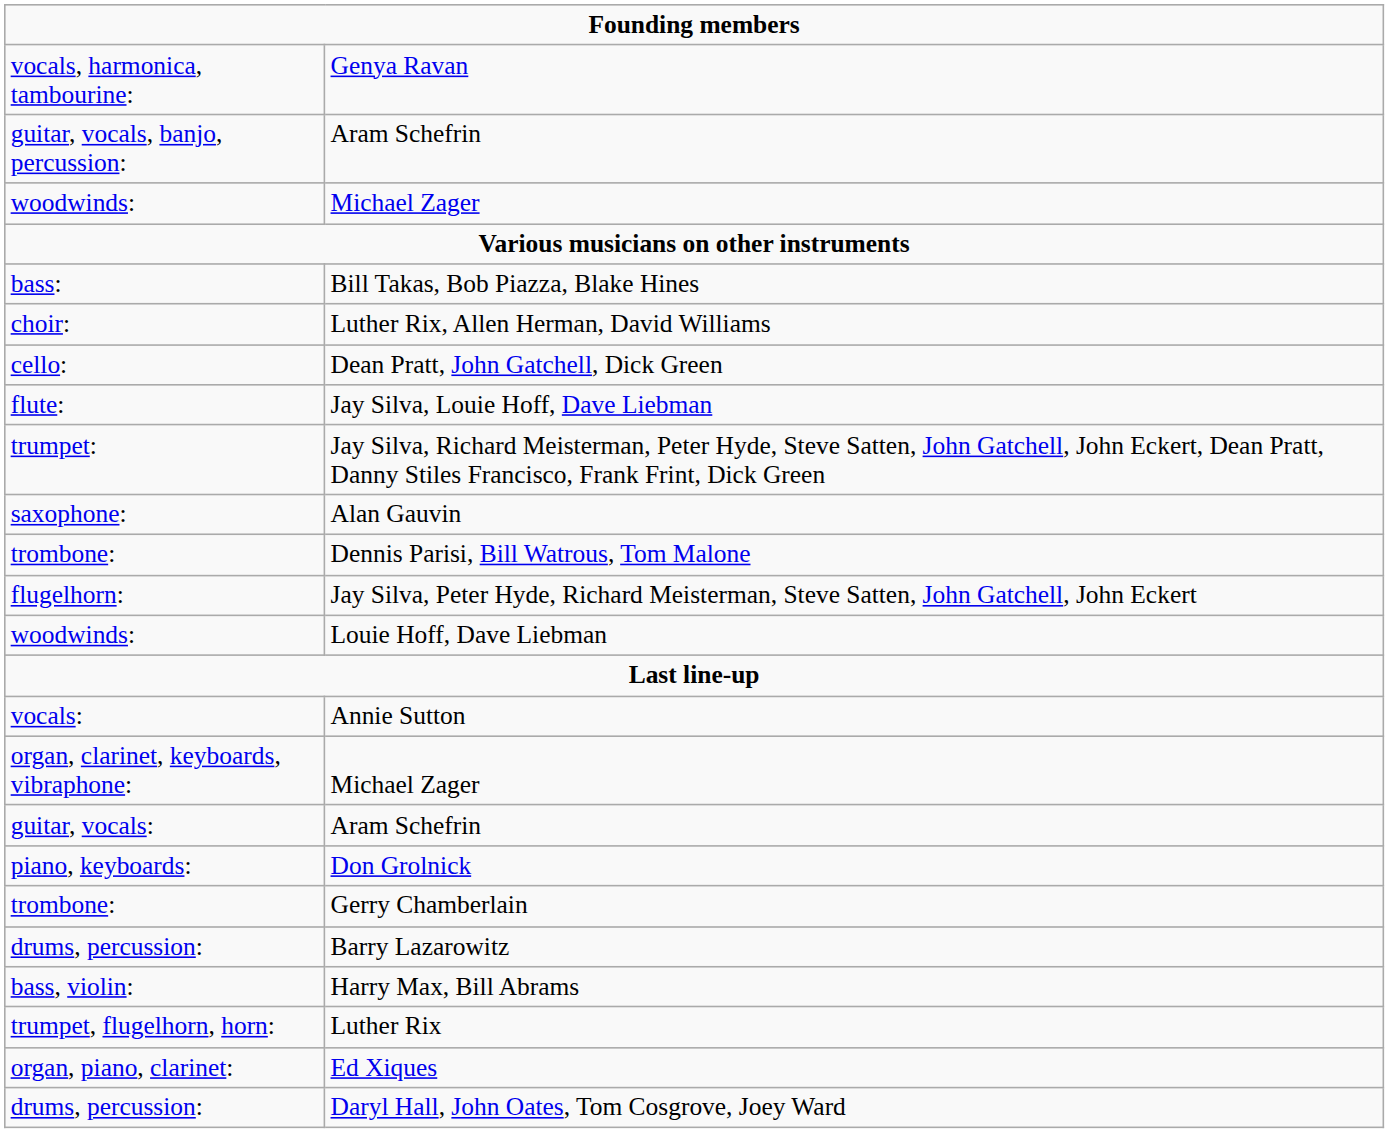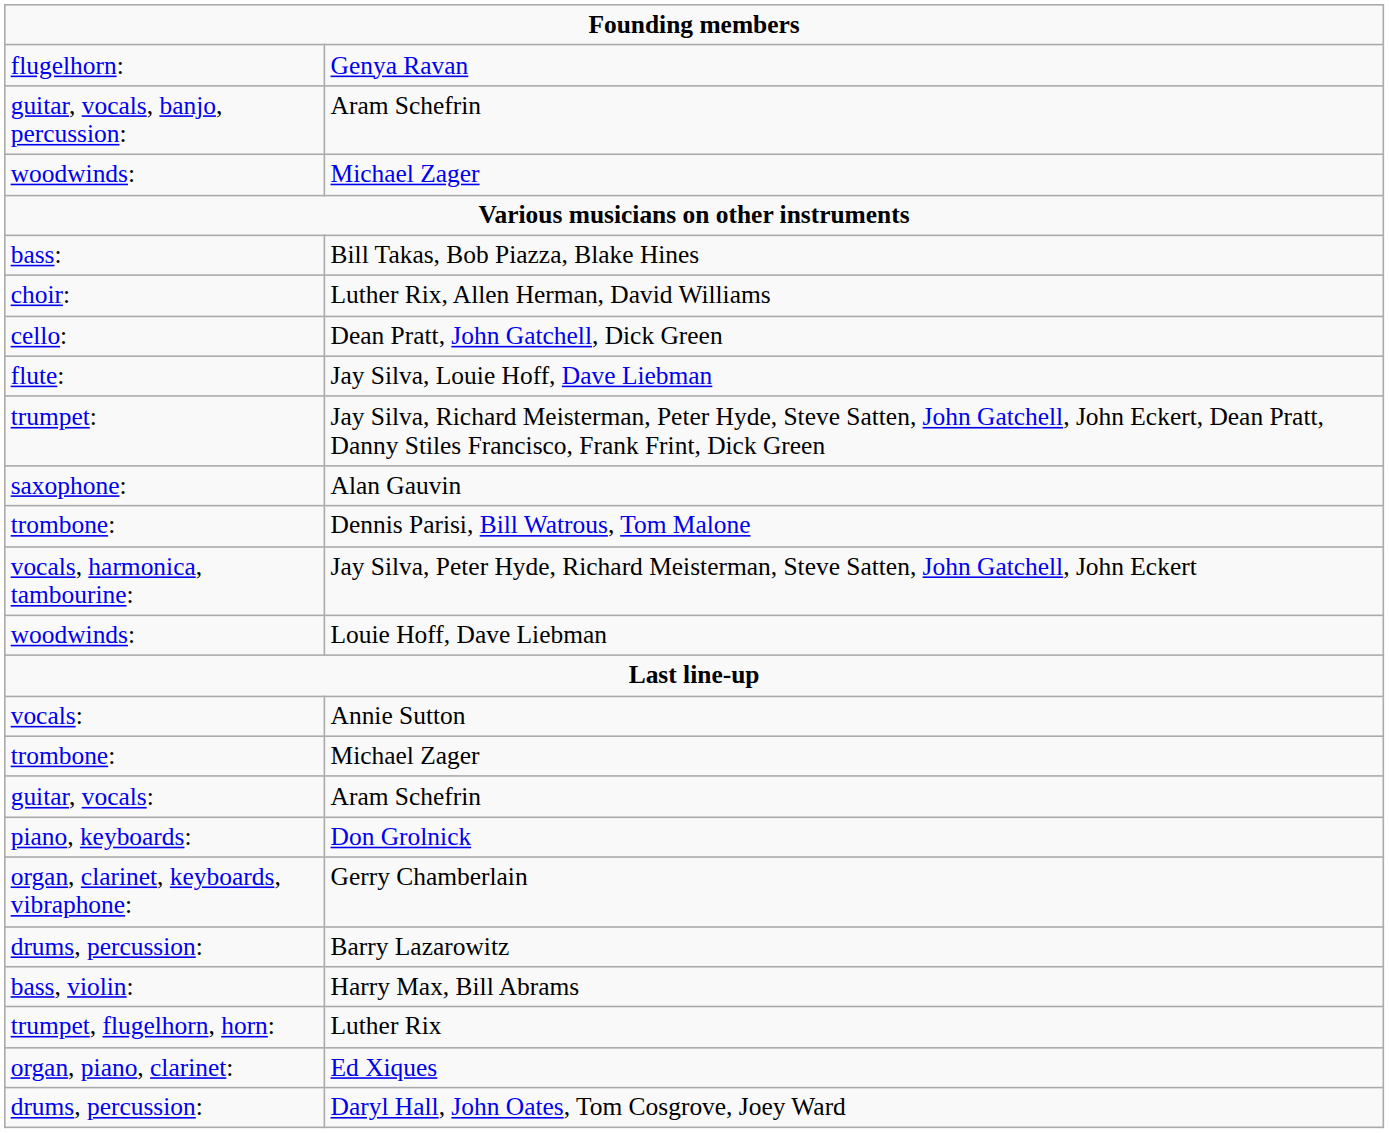 <table class="wikitable">
 <tr>
 <td colspan="2" align="center"><strong>Founding members</strong></td>
 </tr>
 <tr>
-<td valign="top"><a href='#'>vocals</a>, <a href='#'>harmonica</a>, <a href='#'>tambourine</a>:</td>
+<td valign="top"><a href='#'>flugelhorn</a>:</td>
 <td valign="top"><a href='#'>Genya Ravan</a></td>
 </tr>
 <tr>
 <td valign="top"><a href='#'>guitar</a>, <a href='#'>vocals</a>, <a href='#'>banjo</a>, <a href='#'>percussion</a>:</td>
 <td valign="top">Aram Schefrin</td>
 </tr>
 <tr>
 <td valign="top"><a href='#'>woodwinds</a>:</td>
 <td valign="top"><a href='#'>Michael Zager</a></td>
 </tr>
 <tr>
 <td colspan="2" align="center"><strong>Various musicians on other instruments</strong></td>
 </tr>
 <tr>
 <td valign="top"><a href='#'>bass</a>:</td>
 <td valign="top">Bill Takas, Bob Piazza, Blake Hines</td>
 </tr>
 <tr>
 <td valign="top"><a href='#'>choir</a>:</td>
 <td valign="top">Luther Rix, Allen Herman, David Williams</td>
 </tr>
 <tr>
 <td valign="top"><a href='#'>cello</a>:</td>
 <td valign="top">Dean Pratt, <a href='#'>John Gatchell</a>, Dick Green</td>
 </tr>
 <tr>
 <td valign="top"><a href='#'>flute</a>:</td>
 <td valign="top">Jay Silva, Louie Hoff, <a href='#'>Dave Liebman</a></td>
 </tr>
 <tr>
 <td valign="top"><a href='#'>trumpet</a>:</td>
 <td valign="top">Jay Silva, Richard Meisterman, Peter Hyde, Steve Satten, <a href='#'>John Gatchell</a>, John Eckert, Dean Pratt, Danny Stiles Francisco, Frank Frint, Dick Green</td>
 </tr>
 <tr>
 <td valign="top"><a href='#'>saxophone</a>:</td>
 <td valign="top">Alan Gauvin</td>
 </tr>
 <tr>
 <td valign="top"><a href='#'>trombone</a>:</td>
 <td valign="top">Dennis Parisi, <a href='#'>Bill Watrous</a>, <a href='#'>Tom Malone</a></td>
 </tr>
 <tr>
-<td valign="top"><a href='#'>flugelhorn</a>:</td>
+<td valign="top"><a href='#'>vocals</a>, <a href='#'>harmonica</a>, <a href='#'>tambourine</a>:</td>
 <td valign="top">Jay Silva, Peter Hyde, Richard Meisterman, Steve Satten, <a href='#'>John Gatchell</a>, John Eckert</td>
 </tr>
 <tr>
 <td valign="top"><a href='#'>woodwinds</a>:</td>
 <td valign="top">Louie Hoff, Dave Liebman</td>
 </tr>
 <tr>
 <td colspan="2" align="center"><strong>Last line-up</strong></td>
 </tr>
 <tr>
 <td valign="top"><a href='#'>vocals</a>:</td>
 <td valign="top">Annie Sutton</td>
 </tr>
 <tr>
-<td valign="top"><a href='#'>organ</a>, <a href='#'>clarinet</a>, <a href='#'>keyboards</a>, <a href='#'>vibraphone</a>:</td>
+<td valign="top"><a href='#'>trombone</a>:</td>
 <td valign="bottom">Michael Zager</td>
 </tr>
 <tr>
 <td valign="top"><a href='#'>guitar</a>, <a href='#'>vocals</a>:</td>
 <td valign="top">Aram Schefrin</td>
 </tr>
 <tr>
 <td valign="top"><a href='#'>piano</a>, <a href='#'>keyboards</a>:</td>
 <td valign="top"><a href='#'>Don Grolnick</a></td>
 </tr>
 <tr>
-<td valign="top"><a href='#'>trombone</a>:</td>
+<td valign="top"><a href='#'>organ</a>, <a href='#'>clarinet</a>, <a href='#'>keyboards</a>, <a href='#'>vibraphone</a>:</td>
 <td valign="top">Gerry Chamberlain</td>
 </tr>
 <tr>
 <td valign="top"><a href='#'>drums</a>, <a href='#'>percussion</a>:</td>
 <td valign="top">Barry Lazarowitz</td>
 </tr>
 <tr>
 <td valign="top"><a href='#'>bass</a>, <a href='#'>violin</a>:</td>
 <td valign="top">Harry Max, Bill Abrams</td>
 </tr>
 <tr>
 <td valign="top"><a href='#'>trumpet</a>, <a href='#'>flugelhorn</a>, <a href='#'>horn</a>:</td>
 <td valign="top">Luther Rix</td>
 </tr>
 <tr>
 <td valign="top"><a href='#'>organ</a>, <a href='#'>piano</a>, <a href='#'>clarinet</a>:</td>
 <td valign="top"><a href='#'>Ed Xiques</a></td>
 </tr>
 <tr>
 <td valign="top"><a href='#'>drums</a>, <a href='#'>percussion</a>:</td>
 <td valign="top"><a href='#'>Daryl Hall</a>, <a href='#'>John Oates</a>, Tom Cosgrove, Joey Ward</td>
 </tr>
 </table>
